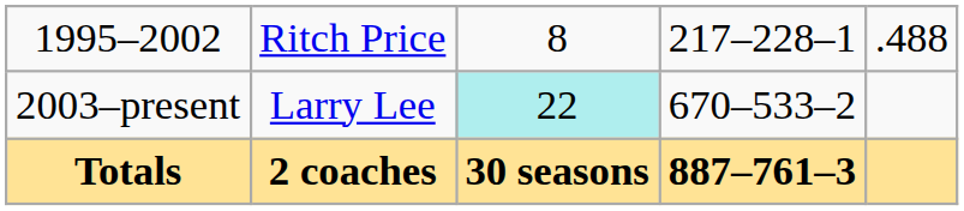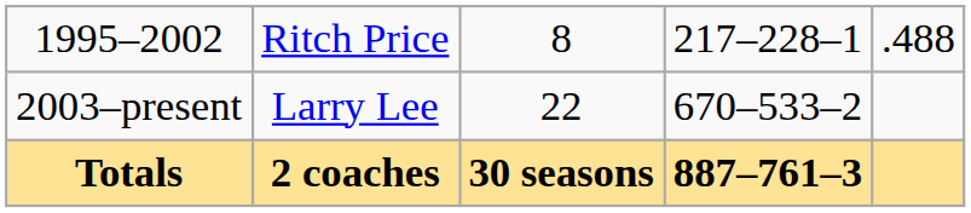 <table class="wikitable" style="text-align:center">
 <tr>
 <td>1995–2002</td>
 <td><a href='#'>Ritch Price</a></td>
 <td>8</td>
 <td>217–228–1</td>
 <td>.488</td>
 </tr>
 <tr>
 <td>2003–present</td>
 <td><a href='#'>Larry Lee</a></td>
-<td style="background: paleturquoise;">22</td>
+<td>22</td>
 <td>670–533–2</td>
 <td></td>
 </tr>
 <tr class="sortbottom" style="background: #FFE395; color:black; font-weight:bold;">
 <td>Totals</td>
 <td>2 coaches</td>
 <td>30 seasons</td>
 <td>887–761–3</td>
 <td></td>
 </tr>
 </table>
